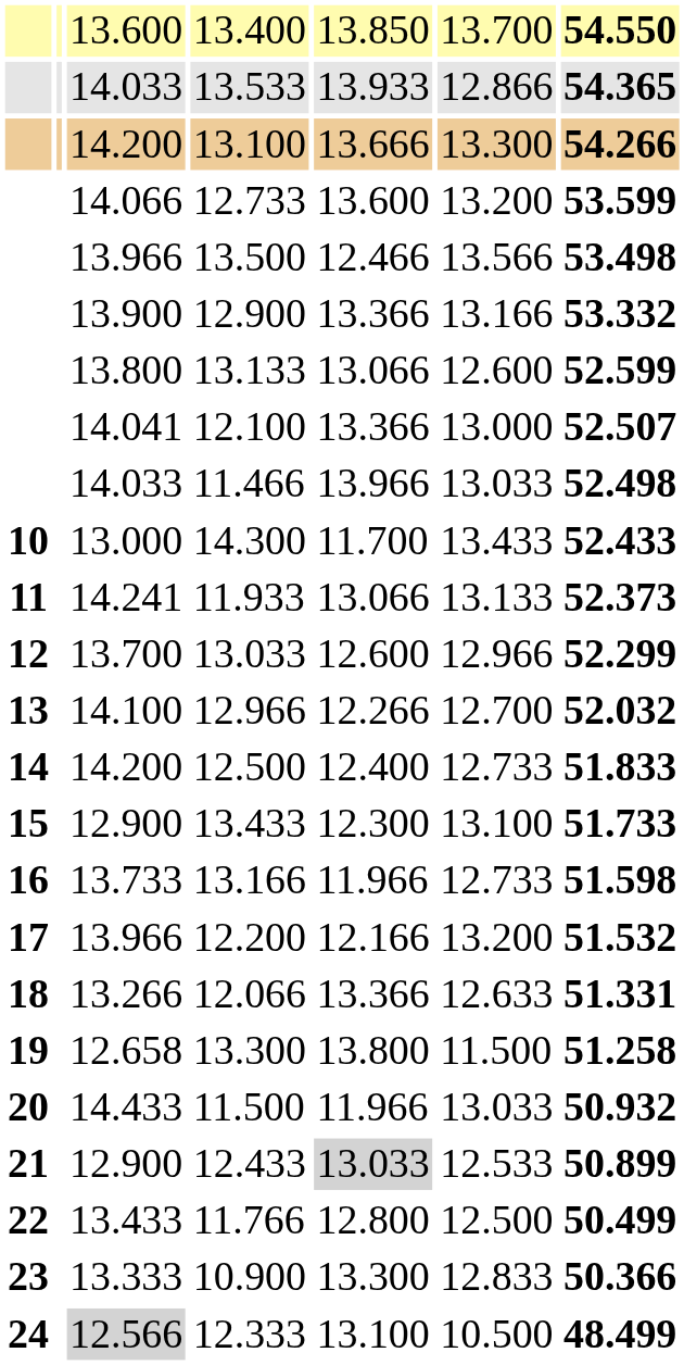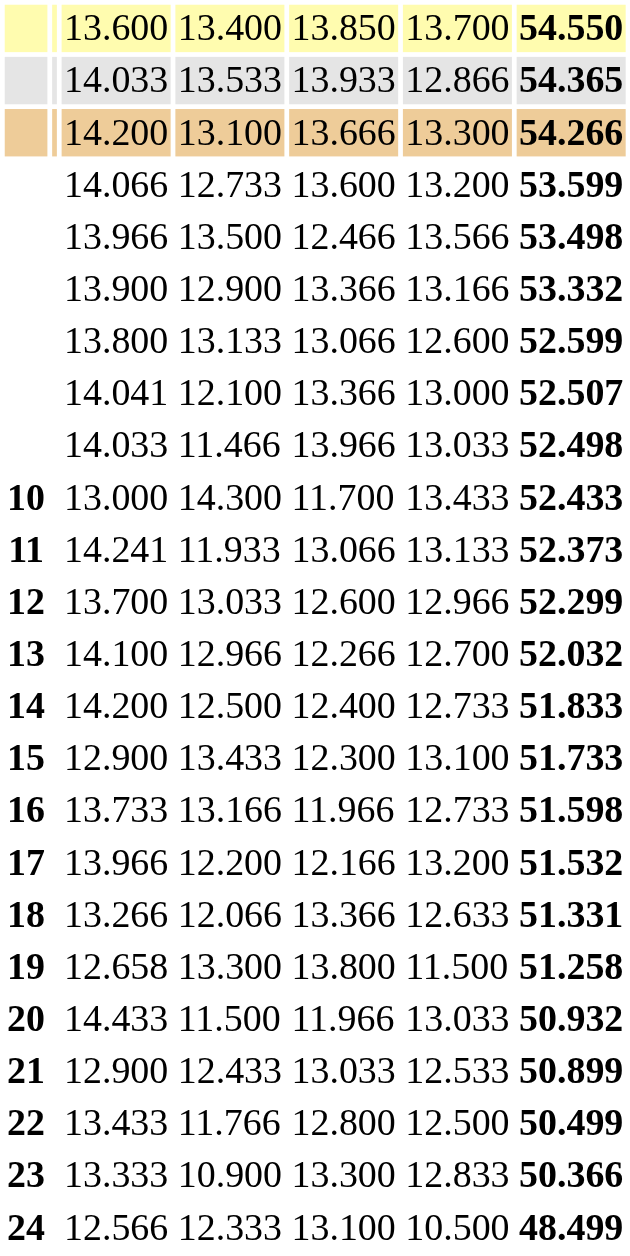 <table>
 <tr style="background:#fffcaf;">
 <th scope=row style="text-align:center"></th>
 <td align=left></td>
 <td>13.600</td>
 <td>13.400</td>
 <td>13.850</td>
 <td>13.700</td>
 <td><strong>54.550</strong></td>
 </tr>
 <tr style="background:#e5e5e5;">
 <th scope=row style="text-align:center"></th>
 <td align=left></td>
 <td>14.033</td>
 <td>13.533</td>
 <td>13.933</td>
 <td>12.866</td>
 <td><strong>54.365</strong></td>
 </tr>
 <tr style="background:#ec9;">
 <th scope=row style="text-align:center"></th>
 <td align=left></td>
 <td>14.200</td>
 <td>13.100</td>
 <td>13.666</td>
 <td>13.300</td>
 <td><strong>54.266</strong></td>
 </tr>
 <tr>
 <th scope=row style="text-align:center"></th>
 <td align=left></td>
 <td>14.066</td>
 <td>12.733</td>
 <td>13.600</td>
 <td>13.200</td>
 <td><strong>53.599</strong></td>
 </tr>
 <tr>
 <th scope=row style="text-align:center"></th>
 <td align=left></td>
 <td>13.966</td>
 <td>13.500</td>
 <td>12.466</td>
 <td>13.566</td>
 <td><strong>53.498</strong></td>
 </tr>
 <tr>
 <th scope=row style="text-align:center"></th>
 <td align=left></td>
 <td>13.900</td>
 <td>12.900</td>
 <td>13.366</td>
 <td>13.166</td>
 <td><strong>53.332</strong></td>
 </tr>
 <tr>
 <th scope=row style="text-align:center"></th>
 <td align=left></td>
 <td>13.800</td>
 <td>13.133</td>
 <td>13.066</td>
 <td>12.600</td>
 <td><strong>52.599</strong></td>
 </tr>
 <tr>
 <th scope=row style="text-align:center"></th>
 <td align=left></td>
 <td>14.041</td>
 <td>12.100</td>
 <td>13.366</td>
 <td>13.000</td>
 <td><strong>52.507</strong></td>
 </tr>
 <tr>
 <th scope=row style="text-align:center"></th>
 <td align=left></td>
 <td>14.033</td>
 <td>11.466</td>
 <td>13.966</td>
 <td>13.033</td>
 <td><strong>52.498</strong></td>
 </tr>
 <tr>
 <th scope=row style="text-align:center">10</th>
 <td align=left></td>
 <td>13.000</td>
 <td>14.300</td>
 <td>11.700</td>
 <td>13.433</td>
 <td><strong>52.433</strong></td>
 </tr>
 <tr>
 <th scope=row style="text-align:center">11</th>
 <td align=left></td>
 <td>14.241</td>
 <td>11.933</td>
 <td>13.066</td>
 <td>13.133</td>
 <td><strong>52.373</strong></td>
 </tr>
 <tr>
 <th scope=row style="text-align:center">12</th>
 <td align=left></td>
 <td>13.700</td>
 <td>13.033</td>
 <td>12.600</td>
 <td>12.966</td>
 <td><strong>52.299</strong></td>
 </tr>
 <tr>
 <th scope=row style="text-align:center">13</th>
 <td align=left></td>
 <td>14.100</td>
 <td>12.966</td>
 <td>12.266</td>
 <td>12.700</td>
 <td><strong>52.032</strong></td>
 </tr>
 <tr>
 <th scope=row style="text-align:center">14</th>
 <td align=left></td>
 <td>14.200</td>
 <td>12.500</td>
 <td>12.400</td>
 <td>12.733</td>
 <td><strong>51.833</strong></td>
 </tr>
 <tr>
 <th scope=row style="text-align:center">15</th>
 <td align=left></td>
 <td>12.900</td>
 <td>13.433</td>
 <td>12.300</td>
 <td>13.100</td>
 <td><strong>51.733</strong></td>
 </tr>
 <tr>
 <th scope=row style="text-align:center">16</th>
 <td align=left></td>
 <td>13.733</td>
 <td>13.166</td>
 <td>11.966</td>
 <td>12.733</td>
 <td><strong>51.598</strong></td>
 </tr>
 <tr>
 <th scope=row style="text-align:center">17</th>
 <td align=left></td>
 <td>13.966</td>
 <td>12.200</td>
 <td>12.166</td>
 <td>13.200</td>
 <td><strong>51.532</strong></td>
 </tr>
 <tr>
 <th scope=row style="text-align:center">18</th>
 <td align=left></td>
 <td>13.266</td>
 <td>12.066</td>
 <td>13.366</td>
 <td>12.633</td>
 <td><strong>51.331</strong></td>
 </tr>
 <tr>
 <th scope=row style="text-align:center">19</th>
 <td align=left></td>
 <td>12.658</td>
 <td>13.300</td>
 <td>13.800</td>
 <td>11.500</td>
 <td><strong>51.258</strong></td>
 </tr>
 <tr>
 <th scope=row style="text-align:center">20</th>
 <td align=left></td>
 <td>14.433</td>
 <td>11.500</td>
 <td>11.966</td>
 <td>13.033</td>
 <td><strong>50.932</strong></td>
 </tr>
 <tr>
 <th scope=row style="text-align:center">21</th>
 <td align=left></td>
 <td>12.900</td>
 <td>12.433</td>
-<td style="background: lightgrey;">13.033</td>
+<td>13.033</td>
 <td>12.533</td>
 <td><strong>50.899</strong></td>
 </tr>
 <tr>
 <th scope=row style="text-align:center">22</th>
 <td align=left></td>
 <td>13.433</td>
 <td>11.766</td>
 <td>12.800</td>
 <td>12.500</td>
 <td><strong>50.499</strong></td>
 </tr>
 <tr>
 <th scope=row style="text-align:center">23</th>
 <td align=left></td>
 <td>13.333</td>
 <td>10.900</td>
 <td>13.300</td>
 <td>12.833</td>
 <td><strong>50.366</strong></td>
 </tr>
 <tr>
 <th scope=row style="text-align:center">24</th>
 <td align=left></td>
-<td style="background: lightgrey;">12.566</td>
+<td>12.566</td>
 <td>12.333</td>
 <td>13.100</td>
 <td>10.500</td>
 <td><strong>48.499</strong></td>
 </tr>
 </table>
